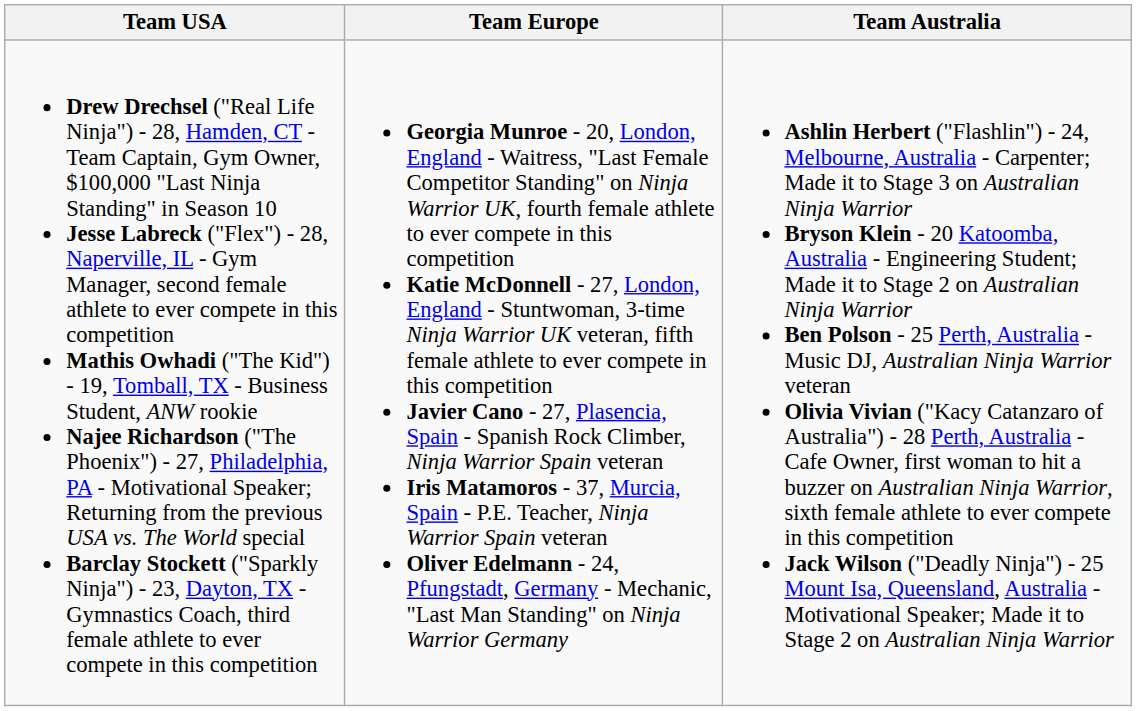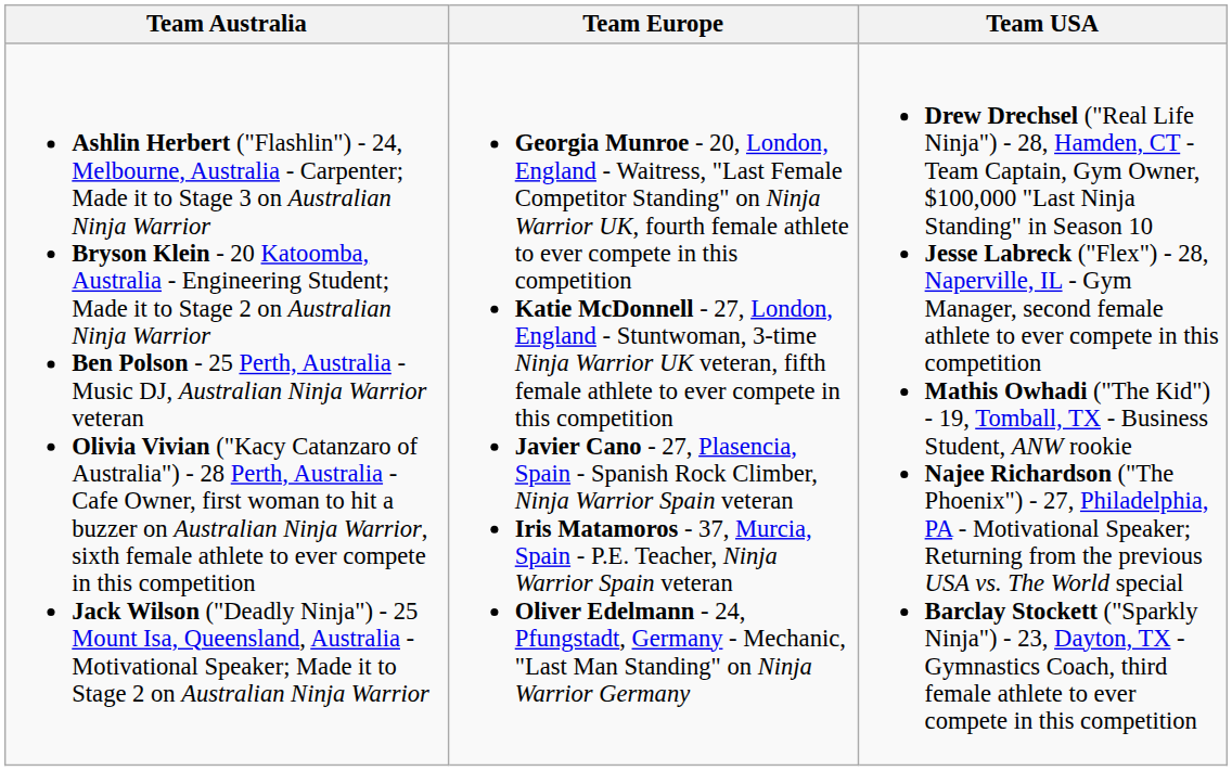 <table class="wikitable" style="width:800px">
 <tr>
+<th>Team Australia </th>
+<th>Team Europe </th>
 <th>Team USA </th>
-<th>Team Europe </th>
-<th>Team Australia </th>
 </tr>
 <tr>
+<td><br><ul><li><strong>Ashlin Herbert</strong> ("Flashlin") - 24, <a href='#'>Melbourne, Australia</a> - Carpenter; Made it to Stage 3 on <em>Australian Ninja Warrior</em></li><li><strong>Bryson Klein</strong> - 20 <a href='#'>Katoomba, Australia</a> - Engineering Student; Made it to Stage 2 on <em>Australian Ninja Warrior</em></li><li><strong>Ben Polson</strong> - 25 <a href='#'>Perth, Australia</a> - Music DJ, <em>Australian Ninja Warrior</em> veteran</li><li><strong>Olivia Vivian</strong> ("Kacy Catanzaro of Australia") - 28 <a href='#'>Perth, Australia</a> - Cafe Owner, first woman to hit a buzzer on <em>Australian Ninja Warrior</em>, sixth female athlete to ever compete in this competition</li><li><strong>Jack Wilson</strong> ("Deadly Ninja") - 25 <a href='#'>Mount Isa, Queensland</a>, <a href='#'>Australia</a> - Motivational Speaker; Made it to Stage 2 on <em>Australian Ninja Warrior</em></li></ul></td>
+<td><br><ul><li><strong>Georgia Munroe</strong> - 20, <a href='#'>London, England</a> - Waitress, "Last Female Competitor Standing" on <em>Ninja Warrior UK</em>, fourth female athlete to ever compete in this competition</li><li><strong>Katie McDonnell</strong> - 27, <a href='#'>London, England</a> - Stuntwoman, 3-time <em>Ninja Warrior UK</em> veteran, fifth female athlete to ever compete in this competition</li><li><strong>Javier Cano</strong> - 27, <a href='#'>Plasencia, Spain</a> - Spanish Rock Climber, <em>Ninja Warrior Spain</em> veteran</li><li><strong>Iris Matamoros</strong> - 37, <a href='#'>Murcia, Spain</a> - P.E. Teacher, <em>Ninja Warrior Spain</em> veteran</li><li><strong>Oliver Edelmann</strong> - 24, <a href='#'>Pfungstadt</a>, <a href='#'>Germany</a> - Mechanic, "Last Man Standing" on <em>Ninja Warrior Germany</em></li></ul></td>
 <td><br><ul><li><strong>Drew Drechsel</strong> ("Real Life Ninja") - 28, <a href='#'>Hamden, CT</a> - Team Captain, Gym Owner, $100,000 "Last Ninja Standing" in Season 10</li><li><strong>Jesse Labreck</strong> ("Flex") - 28, <a href='#'>Naperville, IL</a> - Gym Manager, second female athlete to ever compete in this competition</li><li><strong>Mathis Owhadi</strong> ("The Kid") - 19, <a href='#'>Tomball, TX</a> - Business Student, <em>ANW</em> rookie</li><li><strong>Najee Richardson</strong> ("The Phoenix") - 27, <a href='#'>Philadelphia, PA</a> - Motivational Speaker; Returning from the previous <em>USA vs. The World</em> special</li><li><strong>Barclay Stockett</strong> ("Sparkly Ninja") - 23, <a href='#'>Dayton, TX</a> - Gymnastics Coach, third female athlete to ever compete in this competition</li></ul></td>
-<td><br><ul><li><strong>Georgia Munroe</strong> - 20, <a href='#'>London, England</a> - Waitress, "Last Female Competitor Standing" on <em>Ninja Warrior UK</em>, fourth female athlete to ever compete in this competition</li><li><strong>Katie McDonnell</strong> - 27, <a href='#'>London, England</a> - Stuntwoman, 3-time <em>Ninja Warrior UK</em> veteran, fifth female athlete to ever compete in this competition</li><li><strong>Javier Cano</strong> - 27, <a href='#'>Plasencia, Spain</a> - Spanish Rock Climber, <em>Ninja Warrior Spain</em> veteran</li><li><strong>Iris Matamoros</strong> - 37, <a href='#'>Murcia, Spain</a> - P.E. Teacher, <em>Ninja Warrior Spain</em> veteran</li><li><strong>Oliver Edelmann</strong> - 24, <a href='#'>Pfungstadt</a>, <a href='#'>Germany</a> - Mechanic, "Last Man Standing" on <em>Ninja Warrior Germany</em></li></ul></td>
-<td><br><ul><li><strong>Ashlin Herbert</strong> ("Flashlin") - 24, <a href='#'>Melbourne, Australia</a> - Carpenter; Made it to Stage 3 on <em>Australian Ninja Warrior</em></li><li><strong>Bryson Klein</strong> - 20 <a href='#'>Katoomba, Australia</a> - Engineering Student; Made it to Stage 2 on <em>Australian Ninja Warrior</em></li><li><strong>Ben Polson</strong> - 25 <a href='#'>Perth, Australia</a> - Music DJ, <em>Australian Ninja Warrior</em> veteran</li><li><strong>Olivia Vivian</strong> ("Kacy Catanzaro of Australia") - 28 <a href='#'>Perth, Australia</a> - Cafe Owner, first woman to hit a buzzer on <em>Australian Ninja Warrior</em>, sixth female athlete to ever compete in this competition</li><li><strong>Jack Wilson</strong> ("Deadly Ninja") - 25 <a href='#'>Mount Isa, Queensland</a>, <a href='#'>Australia</a> - Motivational Speaker; Made it to Stage 2 on <em>Australian Ninja Warrior</em></li></ul></td>
 </tr>
 </table>
